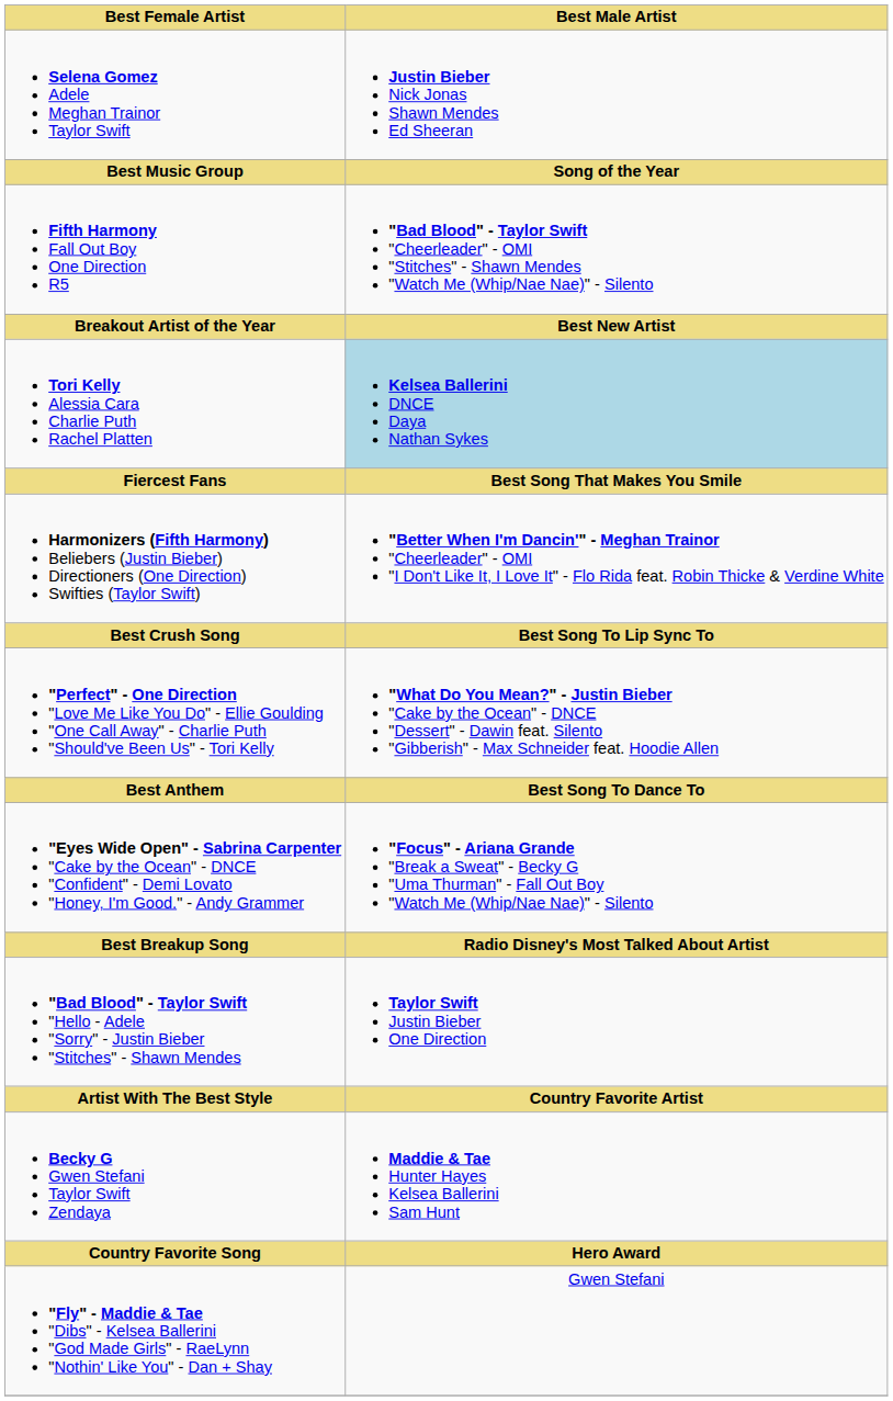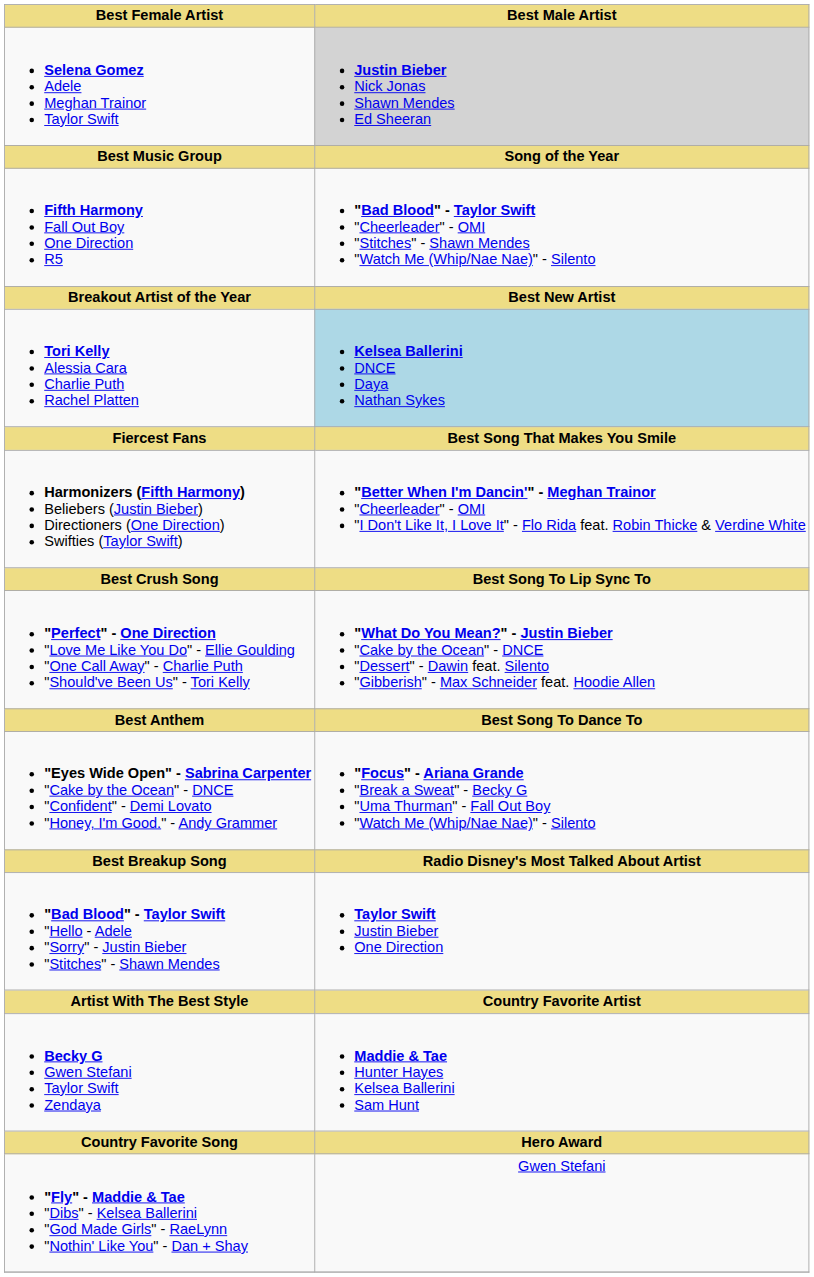 <table class=wikitable style="width="150%">
 <tr>
 <th style="background:#EEDD85; width=50%">Best Female Artist</th>
 <th style="background:#EEDD85; width=50%">Best Male Artist</th>
 </tr>
 <tr>
 <td valign="top"><br><ul><li><strong><a href='#'>Selena Gomez</a></strong></li><li><a href='#'>Adele</a></li><li><a href='#'>Meghan Trainor</a></li><li><a href='#'>Taylor Swift</a></li></ul></td>
-<td valign="top"><br><ul><li><strong><a href='#'>Justin Bieber</a></strong></li><li><a href='#'>Nick Jonas</a></li><li><a href='#'>Shawn Mendes</a></li><li><a href='#'>Ed Sheeran</a></li></ul></td>
+<td valign="top" style="background: lightgrey;"><br><ul><li><strong><a href='#'>Justin Bieber</a></strong></li><li><a href='#'>Nick Jonas</a></li><li><a href='#'>Shawn Mendes</a></li><li><a href='#'>Ed Sheeran</a></li></ul></td>
 </tr>
 <tr>
 <th style="background:#EEDD85; width=50%">Best Music Group</th>
 <th style="background:#EEDD85; width=50%">Song of the Year</th>
 </tr>
 <tr>
 <td valign="top"><br><ul><li><strong><a href='#'>Fifth Harmony</a></strong></li><li><a href='#'>Fall Out Boy</a></li><li><a href='#'>One Direction</a></li><li><a href='#'>R5</a></li></ul></td>
 <td valign="top"><br><ul><li><strong>"<a href='#'>Bad Blood</a>" - <a href='#'>Taylor Swift</a></strong></li><li>"<a href='#'>Cheerleader</a>" - <a href='#'>OMI</a></li><li>"<a href='#'>Stitches</a>" - <a href='#'>Shawn Mendes</a></li><li>"<a href='#'>Watch Me (Whip/Nae Nae)</a>" - <a href='#'>Silento</a></li></ul></td>
 </tr>
 <tr>
 <th style="background:#EEDD85; width=50%">Breakout Artist of the Year</th>
 <th style="background:#EEDD85; width=50%">Best New Artist</th>
 </tr>
 <tr>
 <td valign="top"><br><ul><li><strong><a href='#'>Tori Kelly</a></strong></li><li><a href='#'>Alessia Cara</a></li><li><a href='#'>Charlie Puth</a></li><li><a href='#'>Rachel Platten</a></li></ul></td>
 <td valign="top" style="background: lightblue;"><br><ul><li><strong><a href='#'>Kelsea Ballerini</a></strong></li><li><a href='#'>DNCE</a></li><li><a href='#'>Daya</a></li><li><a href='#'>Nathan Sykes</a></li></ul></td>
 </tr>
 <tr>
 <th style="background:#EEDD85; width=50%">Fiercest Fans</th>
 <th style="background:#EEDD85; width=50%">Best Song That Makes You Smile</th>
 </tr>
 <tr>
 <td valign="top"><br><ul><li><strong>Harmonizers (<a href='#'>Fifth Harmony</a>)</strong></li><li>Beliebers (<a href='#'>Justin Bieber</a>)</li><li>Directioners (<a href='#'>One Direction</a>)</li><li>Swifties (<a href='#'>Taylor Swift</a>)</li></ul></td>
 <td valign="top"><br><ul><li><strong>"<a href='#'>Better When I'm Dancin'</a>" - <a href='#'>Meghan Trainor</a></strong></li><li>"<a href='#'>Cheerleader</a>" - <a href='#'>OMI</a></li><li>"<a href='#'>I Don't Like It, I Love It</a>" - <a href='#'>Flo Rida</a> feat. <a href='#'>Robin Thicke</a> & <a href='#'>Verdine White</a></li></ul></td>
 </tr>
 <tr>
 <th style="background:#EEDD85; width=50%">Best Crush Song</th>
 <th style="background:#EEDD85; width=50%">Best Song To Lip Sync To</th>
 </tr>
 <tr>
 <td valign="top"><br><ul><li><strong>"<a href='#'>Perfect</a>" - <a href='#'>One Direction</a></strong></li><li>"<a href='#'>Love Me Like You Do</a>" - <a href='#'>Ellie Goulding</a></li><li>"<a href='#'>One Call Away</a>" - <a href='#'>Charlie Puth</a></li><li>"<a href='#'>Should've Been Us</a>" - <a href='#'>Tori Kelly</a></li></ul></td>
 <td valign="top"><br><ul><li><strong>"<a href='#'>What Do You Mean?</a>" - <a href='#'>Justin Bieber</a></strong></li><li>"<a href='#'>Cake by the Ocean</a>" - <a href='#'>DNCE</a></li><li>"<a href='#'>Dessert</a>" - <a href='#'>Dawin</a> feat. <a href='#'>Silento</a></li><li>"<a href='#'>Gibberish</a>" - <a href='#'>Max Schneider</a> feat. <a href='#'>Hoodie Allen</a></li></ul></td>
 </tr>
 <tr>
 <th style="background:#EEDD85; width=50%">Best Anthem</th>
 <th style="background:#EEDD85; width=50%">Best Song To Dance To</th>
 </tr>
 <tr>
 <td valign="top"><br><ul><li><strong>"Eyes Wide Open" - <a href='#'>Sabrina Carpenter</a></strong></li><li>"<a href='#'>Cake by the Ocean</a>" - <a href='#'>DNCE</a></li><li>"<a href='#'>Confident</a>" - <a href='#'>Demi Lovato</a></li><li>"<a href='#'>Honey, I'm Good.</a>" - <a href='#'>Andy Grammer</a></li></ul></td>
 <td valign="top"><br><ul><li><strong>"<a href='#'>Focus</a>" - <a href='#'>Ariana Grande</a></strong></li><li>"<a href='#'>Break a Sweat</a>" - <a href='#'>Becky G</a></li><li>"<a href='#'>Uma Thurman</a>" - <a href='#'>Fall Out Boy</a></li><li>"<a href='#'>Watch Me (Whip/Nae Nae)</a>" - <a href='#'>Silento</a></li></ul></td>
 </tr>
 <tr>
 <th style="background:#EEDD85; width=50%">Best Breakup Song</th>
 <th style="background:#EEDD85; width=50%">Radio Disney's Most Talked About Artist</th>
 </tr>
 <tr>
 <td valign="top"><br><ul><li><strong>"<a href='#'>Bad Blood</a>" - <a href='#'>Taylor Swift</a></strong></li><li>"<a href='#'>Hello</a> - <a href='#'>Adele</a></li><li>"<a href='#'>Sorry</a>" - <a href='#'>Justin Bieber</a></li><li>"<a href='#'>Stitches</a>" - <a href='#'>Shawn Mendes</a></li></ul></td>
 <td valign="top"><br><ul><li><strong><a href='#'>Taylor Swift</a></strong></li><li><a href='#'>Justin Bieber</a></li><li><a href='#'>One Direction</a></li></ul></td>
 </tr>
 <tr>
 <th style="background:#EEDD85; width=50%">Artist With The Best Style</th>
 <th style="background:#EEDD85; width=50%">Country Favorite Artist</th>
 </tr>
 <tr>
 <td valign="top"><br><ul><li><strong><a href='#'>Becky G</a></strong></li><li><a href='#'>Gwen Stefani</a></li><li><a href='#'>Taylor Swift</a></li><li><a href='#'>Zendaya</a></li></ul></td>
 <td valign="top"><br><ul><li><strong><a href='#'>Maddie & Tae</a></strong></li><li><a href='#'>Hunter Hayes</a></li><li><a href='#'>Kelsea Ballerini</a></li><li><a href='#'>Sam Hunt</a></li></ul></td>
 </tr>
 <tr>
 <th style="background:#EEDD85; width=50%">Country Favorite Song</th>
 <th style="background:#EEDD85; width=50%">Hero Award</th>
 </tr>
 <tr>
 <td valign="top"><br><ul><li><strong>"<a href='#'>Fly</a>" - <a href='#'>Maddie & Tae</a></strong></li><li>"<a href='#'>Dibs</a>" - <a href='#'>Kelsea Ballerini</a></li><li>"<a href='#'>God Made Girls</a>" - <a href='#'>RaeLynn</a></li><li>"<a href='#'>Nothin' Like You</a>" - <a href='#'>Dan + Shay</a></li></ul></td>
 <td valign="top" colspan="2" style="text-align: center;"><a href='#'>Gwen Stefani</a></td>
 </tr>
 <tr>
 </tr>
 </table>
